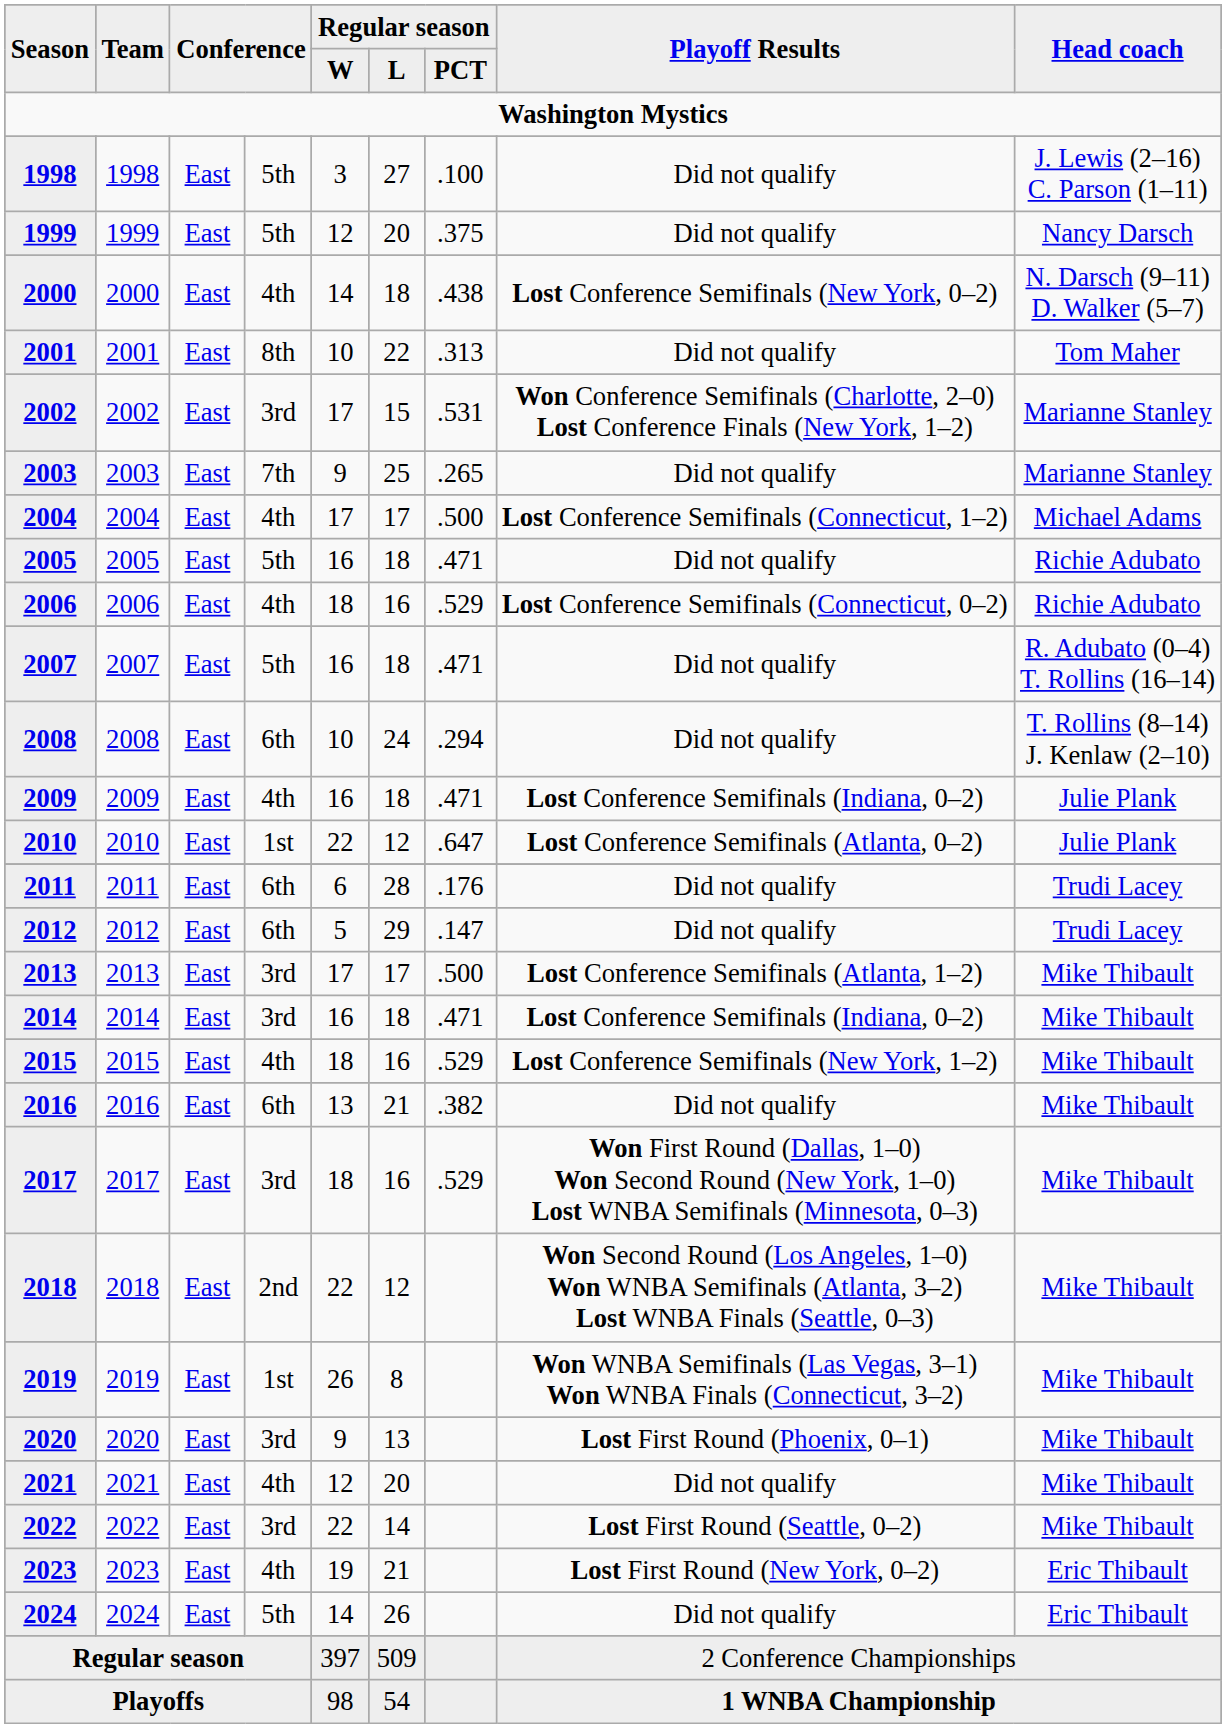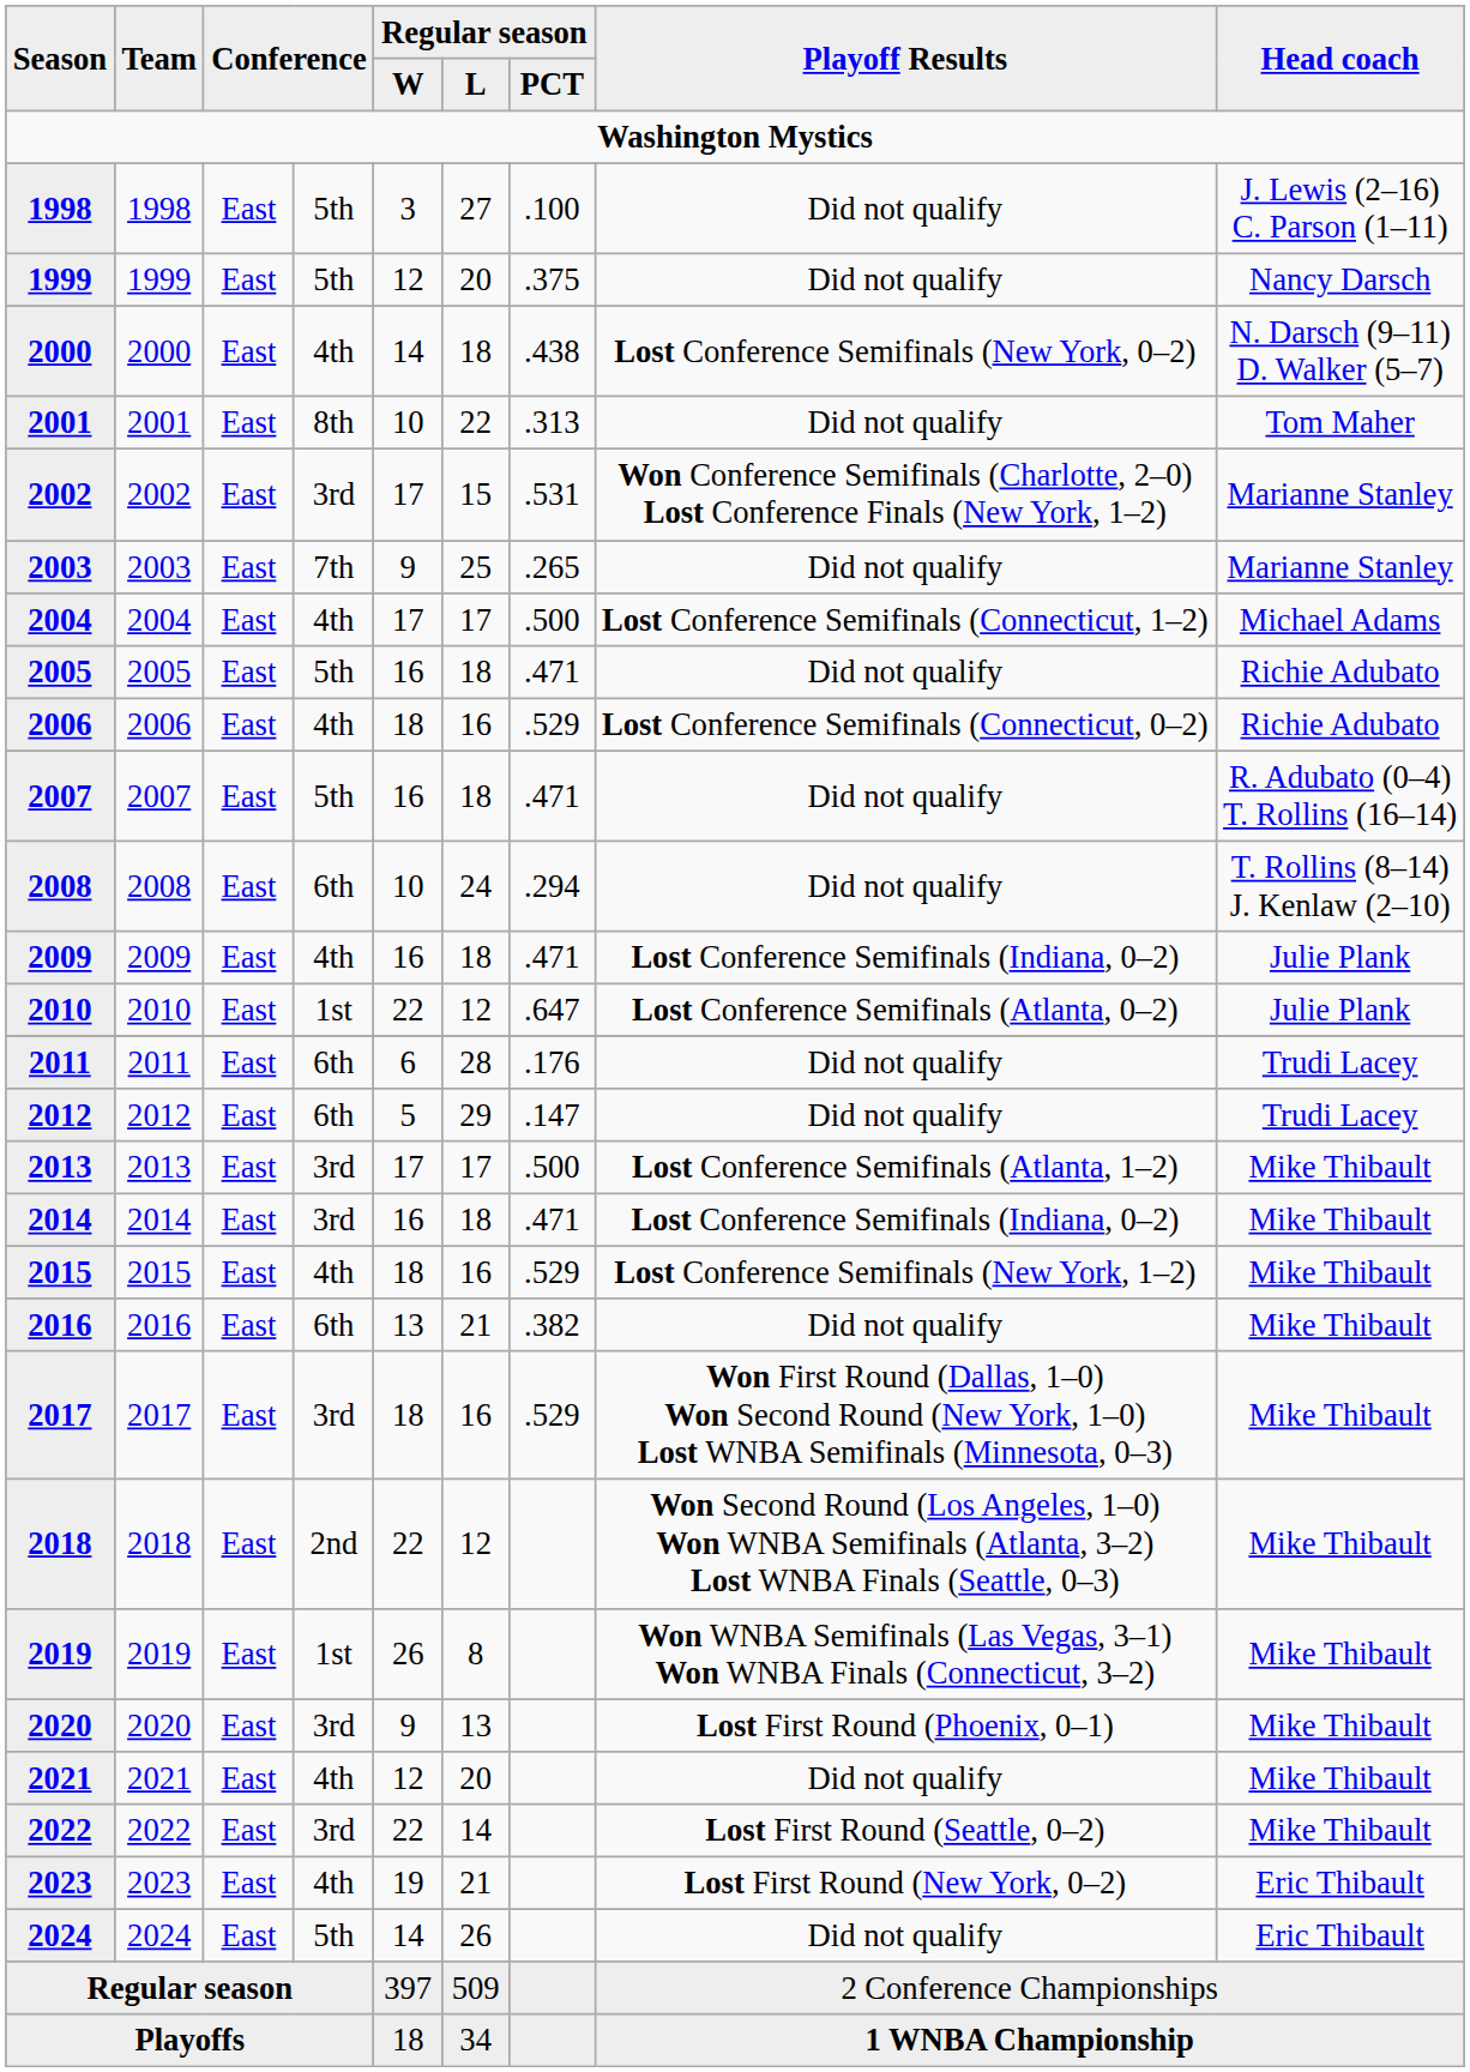 <table class="wikitable" style="font-size:95%; text-align: center; margin:1em auto;">
 <tr>
 <th rowspan="2" style="background:#eee;">Season</th>
 <th rowspan="2" style="background:#eee;">Team</th>
 <th rowspan="2" colspan="2" style="background:#eee;">Conference</th>
 <th colspan="3" style="background:#eee;">Regular season</th>
 <th rowspan="2" style="background:#eee;"><a href='#'>Playoff</a> Results</th>
 <th rowspan="2" style="background:#eee;"><a href='#'>Head coach</a></th>
 </tr>
 <tr>
 <th style="background:#eee;">W</th>
 <th style="background:#eee;">L</th>
 <th style="background:#eee;">PCT</th>
 </tr>
 <tr>
 <td colspan="9" style="text-align:center; "><strong>Washington Mystics</strong></td>
 </tr>
 <tr style="text-align:center;">
 <th style="background:#eee;"><a href='#'>1998</a></th>
 <td><a href='#'>1998</a></td>
 <td><a href='#'>East</a></td>
 <td>5th</td>
 <td>3</td>
 <td>27</td>
 <td>.100</td>
 <td>Did not qualify</td>
 <td><a href='#'>J. Lewis</a> (2–16)<br><a href='#'>C. Parson</a> (1–11)</td>
 </tr>
 <tr style="text-align:center;">
 <th style="background:#eee;"><a href='#'>1999</a></th>
 <td><a href='#'>1999</a></td>
 <td><a href='#'>East</a></td>
 <td>5th</td>
 <td>12</td>
 <td>20</td>
 <td>.375</td>
 <td>Did not qualify</td>
 <td><a href='#'>Nancy Darsch</a></td>
 </tr>
 <tr style="text-align:center;">
 <th style="background:#eee;"><a href='#'>2000</a></th>
 <td><a href='#'>2000</a></td>
 <td><a href='#'>East</a></td>
 <td>4th</td>
 <td>14</td>
 <td>18</td>
 <td>.438</td>
 <td><strong>Lost</strong> Conference Semifinals (<a href='#'>New York</a>, 0–2)</td>
 <td><a href='#'>N. Darsch</a> (9–11)<br><a href='#'>D. Walker</a> (5–7)</td>
 </tr>
 <tr style="text-align:center;">
 <th style="background:#eee;"><a href='#'>2001</a></th>
 <td><a href='#'>2001</a></td>
 <td><a href='#'>East</a></td>
 <td>8th</td>
 <td>10</td>
 <td>22</td>
 <td>.313</td>
 <td>Did not qualify</td>
 <td><a href='#'>Tom Maher</a></td>
 </tr>
 <tr style="text-align:center;">
 <th style="background:#eee;"><a href='#'>2002</a></th>
 <td><a href='#'>2002</a></td>
 <td><a href='#'>East</a></td>
 <td>3rd</td>
 <td>17</td>
 <td>15</td>
 <td>.531</td>
 <td><strong>Won</strong> Conference Semifinals (<a href='#'>Charlotte</a>, 2–0)<br><strong>Lost</strong> Conference Finals (<a href='#'>New York</a>, 1–2)</td>
 <td><a href='#'>Marianne Stanley</a></td>
 </tr>
 <tr style="text-align:center;">
 <th style="background:#eee;"><a href='#'>2003</a></th>
 <td><a href='#'>2003</a></td>
 <td><a href='#'>East</a></td>
 <td>7th</td>
 <td>9</td>
 <td>25</td>
 <td>.265</td>
 <td>Did not qualify</td>
 <td><a href='#'>Marianne Stanley</a></td>
 </tr>
 <tr style="text-align:center;">
 <th style="background:#eee;"><a href='#'>2004</a></th>
 <td><a href='#'>2004</a></td>
 <td><a href='#'>East</a></td>
 <td>4th</td>
 <td>17</td>
 <td>17</td>
 <td>.500</td>
 <td><strong>Lost</strong> Conference Semifinals (<a href='#'>Connecticut</a>, 1–2)</td>
 <td><a href='#'>Michael Adams</a></td>
 </tr>
 <tr style="text-align:center;">
 <th style="background:#eee;"><a href='#'>2005</a></th>
 <td><a href='#'>2005</a></td>
 <td><a href='#'>East</a></td>
 <td>5th</td>
 <td>16</td>
 <td>18</td>
 <td>.471</td>
 <td>Did not qualify</td>
 <td><a href='#'>Richie Adubato</a></td>
 </tr>
 <tr style="text-align:center;">
 <th style="background:#eee;"><a href='#'>2006</a></th>
 <td><a href='#'>2006</a></td>
 <td><a href='#'>East</a></td>
 <td>4th</td>
 <td>18</td>
 <td>16</td>
 <td>.529</td>
 <td><strong>Lost</strong> Conference Semifinals (<a href='#'>Connecticut</a>, 0–2)</td>
 <td><a href='#'>Richie Adubato</a></td>
 </tr>
 <tr style="text-align:center;">
 <th style="background:#eee;"><a href='#'>2007</a></th>
 <td><a href='#'>2007</a></td>
 <td><a href='#'>East</a></td>
 <td>5th</td>
 <td>16</td>
 <td>18</td>
 <td>.471</td>
 <td>Did not qualify</td>
 <td><a href='#'>R. Adubato</a> (0–4)<br><a href='#'>T. Rollins</a> (16–14)</td>
 </tr>
 <tr style="text-align:center;">
 <th style="background:#eee;"><a href='#'>2008</a></th>
 <td><a href='#'>2008</a></td>
 <td><a href='#'>East</a></td>
 <td>6th</td>
 <td>10</td>
 <td>24</td>
 <td>.294</td>
 <td>Did not qualify</td>
 <td><a href='#'>T. Rollins</a> (8–14)<br>J. Kenlaw (2–10)</td>
 </tr>
 <tr style="text-align:center;">
 <th style="background:#eee;"><a href='#'>2009</a></th>
 <td><a href='#'>2009</a></td>
 <td><a href='#'>East</a></td>
 <td>4th</td>
 <td>16</td>
 <td>18</td>
 <td>.471</td>
 <td><strong>Lost</strong> Conference Semifinals (<a href='#'>Indiana</a>, 0–2)</td>
 <td><a href='#'>Julie Plank</a></td>
 </tr>
 <tr style="text-align:center;">
 <th style="background:#eee;"><a href='#'>2010</a></th>
 <td><a href='#'>2010</a></td>
 <td><a href='#'>East</a></td>
 <td>1st</td>
 <td>22</td>
 <td>12</td>
 <td>.647</td>
 <td><strong>Lost</strong> Conference Semifinals (<a href='#'>Atlanta</a>, 0–2)</td>
 <td><a href='#'>Julie Plank</a></td>
 </tr>
 <tr>
 </tr>
 <tr style="text-align:center;">
 <th style="background:#eee;"><a href='#'>2011</a></th>
 <td><a href='#'>2011</a></td>
 <td><a href='#'>East</a></td>
 <td>6th</td>
 <td>6</td>
 <td>28</td>
 <td>.176</td>
 <td>Did not qualify</td>
 <td><a href='#'>Trudi Lacey</a></td>
 </tr>
 <tr style="text-align:center;">
 <th style="background:#eee;"><a href='#'>2012</a></th>
 <td><a href='#'>2012</a></td>
 <td><a href='#'>East</a></td>
 <td>6th</td>
 <td>5</td>
 <td>29</td>
 <td>.147</td>
 <td>Did not qualify</td>
 <td><a href='#'>Trudi Lacey</a></td>
 </tr>
 <tr align="center">
 <th style="background:#eee;"><a href='#'>2013</a></th>
 <td><a href='#'>2013</a></td>
 <td><a href='#'>East</a></td>
 <td>3rd</td>
 <td>17</td>
 <td>17</td>
 <td>.500</td>
 <td><strong>Lost</strong> Conference Semifinals (<a href='#'>Atlanta</a>, 1–2)</td>
 <td><a href='#'>Mike Thibault</a></td>
 </tr>
 <tr align="center">
 <th style="background:#eee;"><a href='#'>2014</a></th>
 <td><a href='#'>2014</a></td>
 <td><a href='#'>East</a></td>
 <td>3rd</td>
 <td>16</td>
 <td>18</td>
 <td>.471</td>
 <td><strong>Lost</strong> Conference Semifinals (<a href='#'>Indiana</a>, 0–2)</td>
 <td><a href='#'>Mike Thibault</a></td>
 </tr>
 <tr align="center">
 <th style="background:#eee;"><a href='#'>2015</a></th>
 <td><a href='#'>2015</a></td>
 <td><a href='#'>East</a></td>
 <td>4th</td>
 <td>18</td>
 <td>16</td>
 <td>.529</td>
 <td><strong>Lost</strong> Conference Semifinals (<a href='#'>New York</a>, 1–2)</td>
 <td><a href='#'>Mike Thibault</a></td>
 </tr>
 <tr align="center">
 <th style="background:#eee;"><a href='#'>2016</a></th>
 <td><a href='#'>2016</a></td>
 <td><a href='#'>East</a></td>
 <td>6th</td>
 <td>13</td>
 <td>21</td>
 <td>.382</td>
 <td>Did not qualify</td>
 <td><a href='#'>Mike Thibault</a></td>
 </tr>
 <tr align="center">
 <th style="background:#eee;"><a href='#'>2017</a></th>
 <td><a href='#'>2017</a></td>
 <td><a href='#'>East</a></td>
 <td>3rd</td>
 <td>18</td>
 <td>16</td>
 <td>.529</td>
 <td><strong>Won</strong> First Round (<a href='#'>Dallas</a>, 1–0)<br> <strong>Won</strong> Second Round (<a href='#'>New York</a>, 1–0)<br> <strong>Lost</strong> WNBA Semifinals (<a href='#'>Minnesota</a>, 0–3)</td>
 <td><a href='#'>Mike Thibault</a></td>
 </tr>
 <tr align="center">
 <th style="background:#eee;"><a href='#'>2018</a></th>
 <td><a href='#'>2018</a></td>
 <td><a href='#'>East</a></td>
 <td>2nd</td>
 <td>22</td>
 <td>12</td>
 <td></td>
 <td><strong>Won</strong> Second Round (<a href='#'>Los Angeles</a>, 1–0)<br> <strong>Won</strong> WNBA Semifinals (<a href='#'>Atlanta</a>, 3–2)<br> <strong>Lost</strong> WNBA Finals (<a href='#'>Seattle</a>, 0–3)</td>
 <td><a href='#'>Mike Thibault</a></td>
 </tr>
 <tr align="center">
 <th style="background:#eee;"><a href='#'>2019</a></th>
 <td><a href='#'>2019</a></td>
 <td><a href='#'>East</a></td>
 <td>1st</td>
 <td>26</td>
 <td>8</td>
 <td></td>
 <td><strong>Won</strong> WNBA Semifinals (<a href='#'>Las Vegas</a>, 3–1)<br><strong>Won</strong> WNBA Finals (<a href='#'>Connecticut</a>, 3–2)</td>
 <td><a href='#'>Mike Thibault</a></td>
 </tr>
 <tr align="center|">
 <th style="background:#eee;"><a href='#'>2020</a></th>
 <td><a href='#'>2020</a></td>
 <td><a href='#'>East</a></td>
 <td>3rd</td>
 <td>9</td>
 <td>13</td>
 <td></td>
 <td><strong>Lost</strong> First Round (<a href='#'>Phoenix</a>, 0–1)</td>
 <td><a href='#'>Mike Thibault</a></td>
 </tr>
 <tr align="center|">
 <th style="background:#eee;"><a href='#'>2021</a></th>
 <td><a href='#'>2021</a></td>
 <td><a href='#'>East</a></td>
 <td>4th</td>
 <td>12</td>
 <td>20</td>
 <td></td>
 <td>Did not qualify</td>
 <td><a href='#'>Mike Thibault</a></td>
 </tr>
 <tr align="center|">
 <th style="background:#eee;"><a href='#'>2022</a></th>
 <td><a href='#'>2022</a></td>
 <td><a href='#'>East</a></td>
 <td>3rd</td>
 <td>22</td>
 <td>14</td>
 <td></td>
 <td><strong>Lost</strong> First Round (<a href='#'>Seattle</a>, 0–2)</td>
 <td><a href='#'>Mike Thibault</a></td>
 </tr>
 <tr>
 <th style="background:#eee;"><a href='#'>2023</a></th>
 <td><a href='#'>2023</a></td>
 <td><a href='#'>East</a></td>
 <td>4th</td>
 <td>19</td>
 <td>21</td>
 <td></td>
 <td><strong>Lost</strong> First Round (<a href='#'>New York</a>, 0–2)</td>
 <td><a href='#'>Eric Thibault</a></td>
 </tr>
 <tr>
 <th style="background:#eee;"><a href='#'>2024</a></th>
 <td><a href='#'>2024</a></td>
 <td><a href='#'>East</a></td>
 <td>5th</td>
 <td>14</td>
 <td>26</td>
 <td></td>
 <td>Did not qualify</td>
 <td><a href='#'>Eric Thibault</a></td>
 </tr>
 <tr>
 <th colspan="4" style="background:#eee;">Regular season</th>
 <td style="background:#eee;">397</td>
 <td style="background:#eee;">509</td>
 <td style="background:#eee;"></td>
 <td colspan="2" style="background:#eee;">2 Conference Championships</td>
 </tr>
 <tr>
 <th colspan="4" style="background:#eee;">Playoffs</th>
-<td style="background:#eee;">98</td>
-<td style="background:#eee;">54</td>
+<td style="background:#eee;">18</td>
+<td style="background:#eee;">34</td>
 <td style="background:#eee;"></td>
 <td colspan="2" style="background:#eee;"><strong>1 WNBA Championship</strong></td>
 </tr>
 </table>
